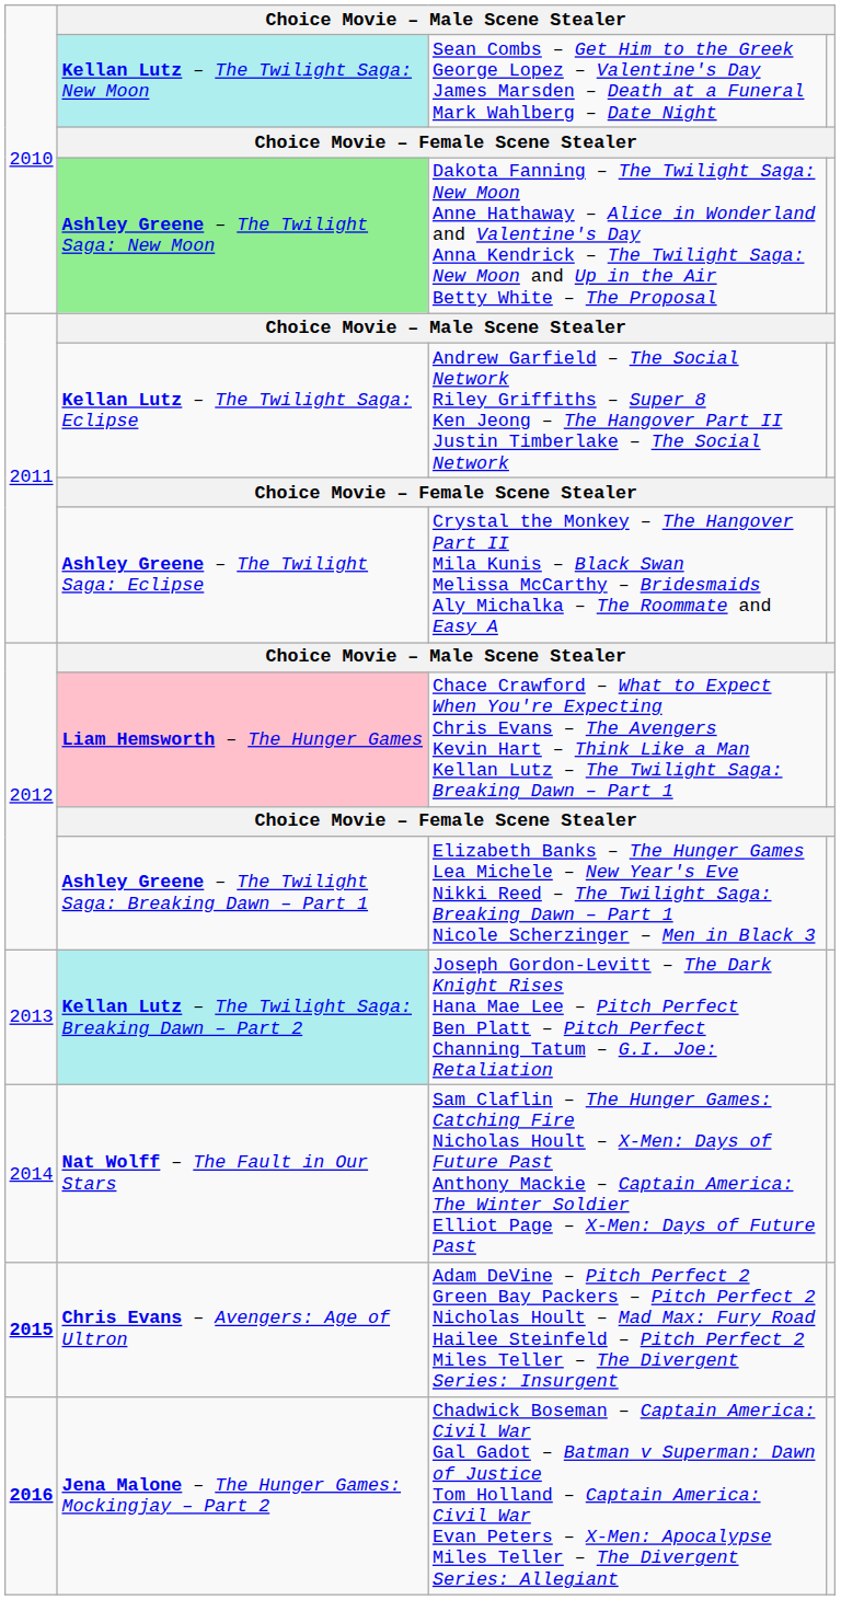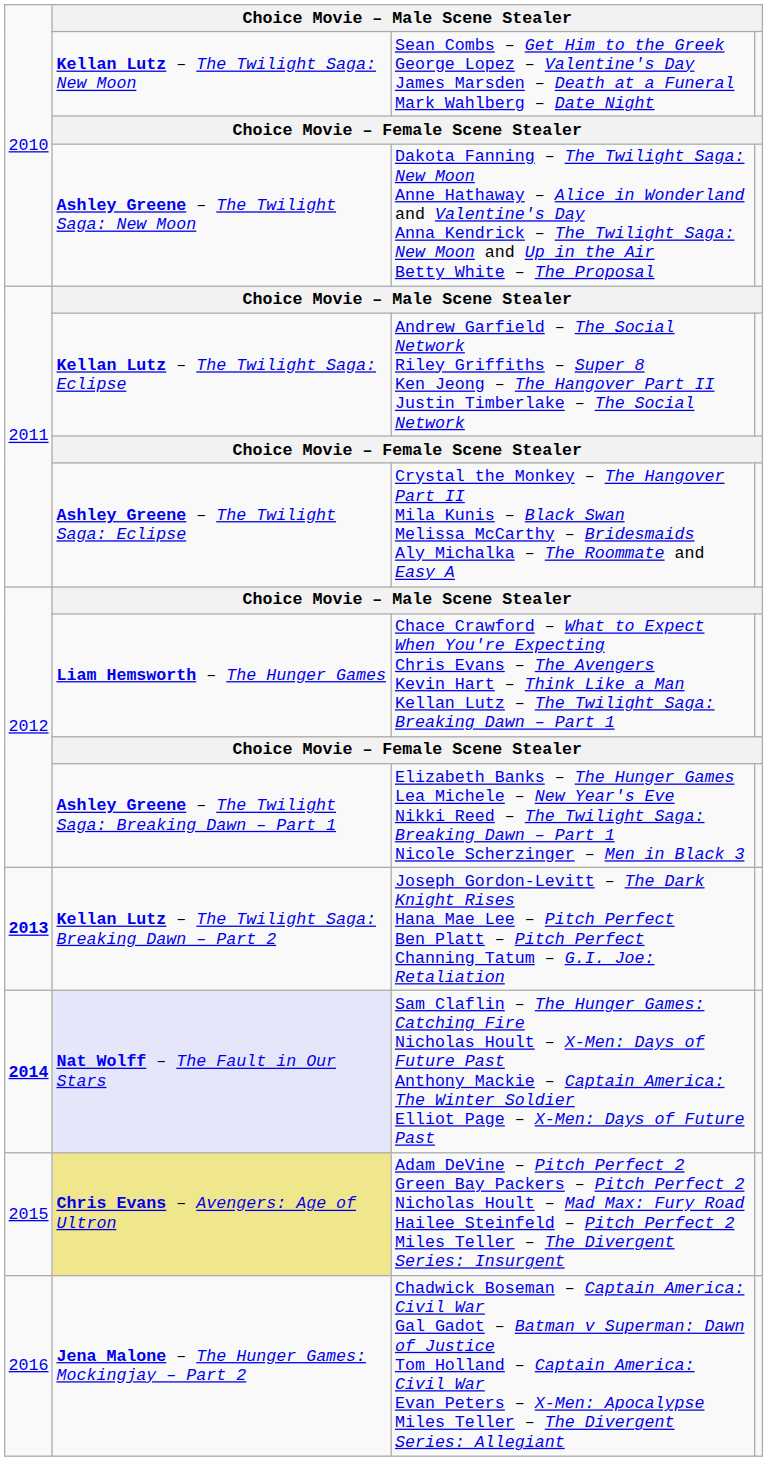 <table class="wikitable" width="95%" cellpadding="5">
 <tr>
 <td rowspan="4" align="center"><a href='#'>2010</a></td>
 <th colspan="3">Choice Movie – Male Scene Stealer</th>
 </tr>
 <tr>
-<td style="background: paleturquoise;"><strong><a href='#'>Kellan Lutz</a></strong> – <em><a href='#'>The Twilight Saga: New Moon</a></em></td>
+<td><strong><a href='#'>Kellan Lutz</a></strong> – <em><a href='#'>The Twilight Saga: New Moon</a></em></td>
 <td><a href='#'>Sean Combs</a> – <em><a href='#'>Get Him to the Greek</a></em><br><a href='#'>George Lopez</a> – <em><a href='#'>Valentine's Day</a></em><br><a href='#'>James Marsden</a> – <em><a href='#'>Death at a Funeral</a></em><br><a href='#'>Mark Wahlberg</a> – <em><a href='#'>Date Night</a></em></td>
 <td align="center"></td>
 </tr>
 <tr>
 <th colspan="3">Choice Movie – Female Scene Stealer</th>
 </tr>
 <tr>
-<td style="background: lightgreen;"><strong><a href='#'>Ashley Greene</a></strong> – <em><a href='#'>The Twilight Saga: New Moon</a></em></td>
+<td><strong><a href='#'>Ashley Greene</a></strong> – <em><a href='#'>The Twilight Saga: New Moon</a></em></td>
 <td><a href='#'>Dakota Fanning</a> – <em><a href='#'>The Twilight Saga: New Moon</a></em><br><a href='#'>Anne Hathaway</a> – <em><a href='#'>Alice in Wonderland</a></em> and <em><a href='#'>Valentine's Day</a></em><br><a href='#'>Anna Kendrick</a> – <em><a href='#'>The Twilight Saga: New Moon</a></em> and <em><a href='#'>Up in the Air</a></em><br><a href='#'>Betty White</a> – <em><a href='#'>The Proposal</a></em></td>
 <td align="center"></td>
 </tr>
 <tr>
 <td rowspan="4" align="center"><a href='#'>2011</a></td>
 <th colspan="3">Choice Movie – Male Scene Stealer</th>
 </tr>
 <tr>
 <td><strong><a href='#'>Kellan Lutz</a></strong> – <em><a href='#'>The Twilight Saga: Eclipse</a></em></td>
 <td><a href='#'>Andrew Garfield</a> – <em><a href='#'>The Social Network</a></em><br><a href='#'>Riley Griffiths</a> – <em><a href='#'>Super 8</a></em><br><a href='#'>Ken Jeong</a> – <em><a href='#'>The Hangover Part II</a></em><br><a href='#'>Justin Timberlake</a> –  <em><a href='#'>The Social Network</a></em></td>
 <td align="center"></td>
 </tr>
 <tr>
 <th colspan="3">Choice Movie – Female Scene Stealer</th>
 </tr>
 <tr>
 <td><strong><a href='#'>Ashley Greene</a></strong> – <em><a href='#'>The Twilight Saga: Eclipse</a></em></td>
 <td><a href='#'>Crystal the Monkey</a> – <em><a href='#'>The Hangover Part II</a></em><br><a href='#'>Mila Kunis</a> – <em><a href='#'>Black Swan</a></em><br><a href='#'>Melissa McCarthy</a> – <em><a href='#'>Bridesmaids</a></em><br><a href='#'>Aly Michalka</a> – <em><a href='#'>The Roommate</a></em> and <em><a href='#'>Easy A</a></em></td>
 <td align="center"></td>
 </tr>
 <tr>
 <td rowspan="4" align="center"><a href='#'>2012</a></td>
 <th colspan="3">Choice Movie – Male Scene Stealer</th>
 </tr>
 <tr>
-<td style="background: pink;"><strong><a href='#'>Liam Hemsworth</a></strong> – <em><a href='#'>The Hunger Games</a></em></td>
+<td><strong><a href='#'>Liam Hemsworth</a></strong> – <em><a href='#'>The Hunger Games</a></em></td>
 <td><a href='#'>Chace Crawford</a> – <em><a href='#'>What to Expect When You're Expecting</a></em><br><a href='#'>Chris Evans</a> – <em><a href='#'>The Avengers</a></em><br><a href='#'>Kevin Hart</a> – <em><a href='#'>Think Like a Man</a></em><br><a href='#'>Kellan Lutz</a> – <em><a href='#'>The Twilight Saga: Breaking Dawn – Part 1</a></em></td>
 <td align="center"></td>
 </tr>
 <tr>
 <th colspan="3">Choice Movie – Female Scene Stealer</th>
 </tr>
 <tr>
 <td><strong><a href='#'>Ashley Greene</a></strong> – <em><a href='#'>The Twilight Saga: Breaking Dawn – Part 1</a></em></td>
 <td><a href='#'>Elizabeth Banks</a> – <em><a href='#'>The Hunger Games</a></em><br><a href='#'>Lea Michele</a> – <em><a href='#'>New Year's Eve</a></em><br><a href='#'>Nikki Reed</a> – <em><a href='#'>The Twilight Saga: Breaking Dawn – Part 1</a></em><br><a href='#'>Nicole Scherzinger</a> – <em><a href='#'>Men in Black 3</a></em></td>
 <td align="center"></td>
 </tr>
 <tr>
-<td align="center"><a href='#'>2013</a></td>
-<td style="background: paleturquoise;"><strong><a href='#'>Kellan Lutz</a></strong> – <em><a href='#'>The Twilight Saga: Breaking Dawn – Part 2</a></em></td>
+<td align="center"><strong><a href='#'>2013</a></strong></td>
+<td><strong><a href='#'>Kellan Lutz</a></strong> – <em><a href='#'>The Twilight Saga: Breaking Dawn – Part 2</a></em></td>
 <td><a href='#'>Joseph Gordon-Levitt</a> – <em><a href='#'>The Dark Knight Rises</a></em><br><a href='#'>Hana Mae Lee</a> – <em><a href='#'>Pitch Perfect</a></em><br><a href='#'>Ben Platt</a> – <em><a href='#'>Pitch Perfect</a></em><br><a href='#'>Channing Tatum</a> – <em><a href='#'>G.I. Joe: Retaliation</a></em></td>
 <td align="center"></td>
 </tr>
 <tr>
-<td align="center"><a href='#'>2014</a></td>
-<td><strong><a href='#'>Nat Wolff</a></strong> – <em><a href='#'>The Fault in Our Stars</a></em></td>
+<td align="center"><strong><a href='#'>2014</a></strong></td>
+<td style="background: lavender;"><strong><a href='#'>Nat Wolff</a></strong> – <em><a href='#'>The Fault in Our Stars</a></em></td>
 <td><a href='#'>Sam Claflin</a> – <em><a href='#'>The Hunger Games: Catching Fire</a></em><br><a href='#'>Nicholas Hoult</a> – <em><a href='#'>X-Men: Days of Future Past</a></em><br><a href='#'>Anthony Mackie</a> – <em><a href='#'>Captain America: The Winter Soldier</a></em><br><a href='#'>Elliot Page</a> – <em><a href='#'>X-Men: Days of Future Past</a></em></td>
 <td align="center"></td>
 </tr>
 <tr>
-<td align="center"><strong><a href='#'>2015</a></strong></td>
-<td><strong><a href='#'>Chris Evans</a></strong> – <em><a href='#'>Avengers: Age of Ultron</a></em></td>
+<td align="center"><a href='#'>2015</a></td>
+<td style="background: khaki;"><strong><a href='#'>Chris Evans</a></strong> – <em><a href='#'>Avengers: Age of Ultron</a></em></td>
 <td><a href='#'>Adam DeVine</a> – <em><a href='#'>Pitch Perfect 2</a></em><br><a href='#'>Green Bay Packers</a> – <em><a href='#'>Pitch Perfect 2</a></em><br><a href='#'>Nicholas Hoult</a> – <em><a href='#'>Mad Max: Fury Road</a></em><br><a href='#'>Hailee Steinfeld</a> – <em><a href='#'>Pitch Perfect 2</a></em><br><a href='#'>Miles Teller</a> – <em><a href='#'>The Divergent Series: Insurgent</a></em></td>
 <td align="center"></td>
 </tr>
 <tr>
-<td align="center"><strong><a href='#'>2016</a></strong></td>
+<td align="center"><a href='#'>2016</a></td>
 <td><strong><a href='#'>Jena Malone</a></strong> – <em><a href='#'>The Hunger Games: Mockingjay – Part 2</a></em></td>
 <td><a href='#'>Chadwick Boseman</a> – <em><a href='#'>Captain America: Civil War</a></em><br><a href='#'>Gal Gadot</a> – <em><a href='#'>Batman v Superman: Dawn of Justice</a></em><br><a href='#'>Tom Holland</a> – <em><a href='#'>Captain America: Civil War</a></em><br><a href='#'>Evan Peters</a> – <em><a href='#'>X-Men: Apocalypse</a></em><br><a href='#'>Miles Teller</a> – <em><a href='#'>The Divergent Series: Allegiant</a></em></td>
 <td align="center"></td>
 </tr>
 </table>
